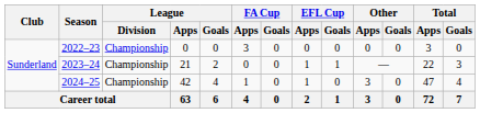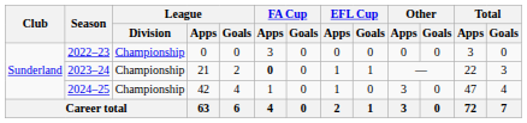 <table class=wikitable style=text-align:center>
 <tr>
 <th rowspan=2>Club</th>
 <th rowspan=2>Season</th>
 <th colspan=3>League</th>
 <th colspan=2><a href='#'>FA Cup</a></th>
 <th colspan=2><a href='#'>EFL Cup</a></th>
 <th colspan=2>Other</th>
 <th colspan=2>Total</th>
 </tr>
 <tr>
 <th>Division</th>
 <th>Apps</th>
 <th>Goals</th>
 <th>Apps</th>
 <th>Goals</th>
 <th>Apps</th>
 <th>Goals</th>
 <th>Apps</th>
 <th>Goals</th>
 <th>Apps</th>
 <th>Goals</th>
 </tr>
 <tr>
 <td rowspan="3"><a href='#'>Sunderland</a></td>
 <td><a href='#'>2022–23</a></td>
 <td><a href='#'>Championship</a></td>
 <td>0</td>
 <td>0</td>
 <td>3</td>
 <td>0</td>
 <td>0</td>
 <td>0</td>
 <td>0</td>
 <td>0</td>
 <td>3</td>
 <td>0</td>
 </tr>
 <tr>
 <td><a href='#'>2023–24</a></td>
 <td>Championship</td>
 <td>21</td>
 <td>2</td>
-<td>0</td>
+<td><strong>0</strong></td>
 <td>0</td>
 <td>1</td>
 <td>1</td>
 <td colspan=2>—</td>
 <td>22</td>
 <td>3</td>
 </tr>
 <tr>
 <td><a href='#'>2024–25</a></td>
 <td>Championship</td>
 <td>42</td>
 <td>4</td>
 <td>1</td>
 <td>0</td>
 <td>1</td>
 <td>0</td>
 <td>3</td>
 <td>0</td>
 <td>47</td>
 <td>4</td>
 </tr>
 <tr>
 <th colspan=3>Career total</th>
 <th>63</th>
 <th>6</th>
 <th>4</th>
 <th>0</th>
 <th>2</th>
 <th>1</th>
 <th>3</th>
 <th>0</th>
 <th>72</th>
 <th>7</th>
 </tr>
 </table>
